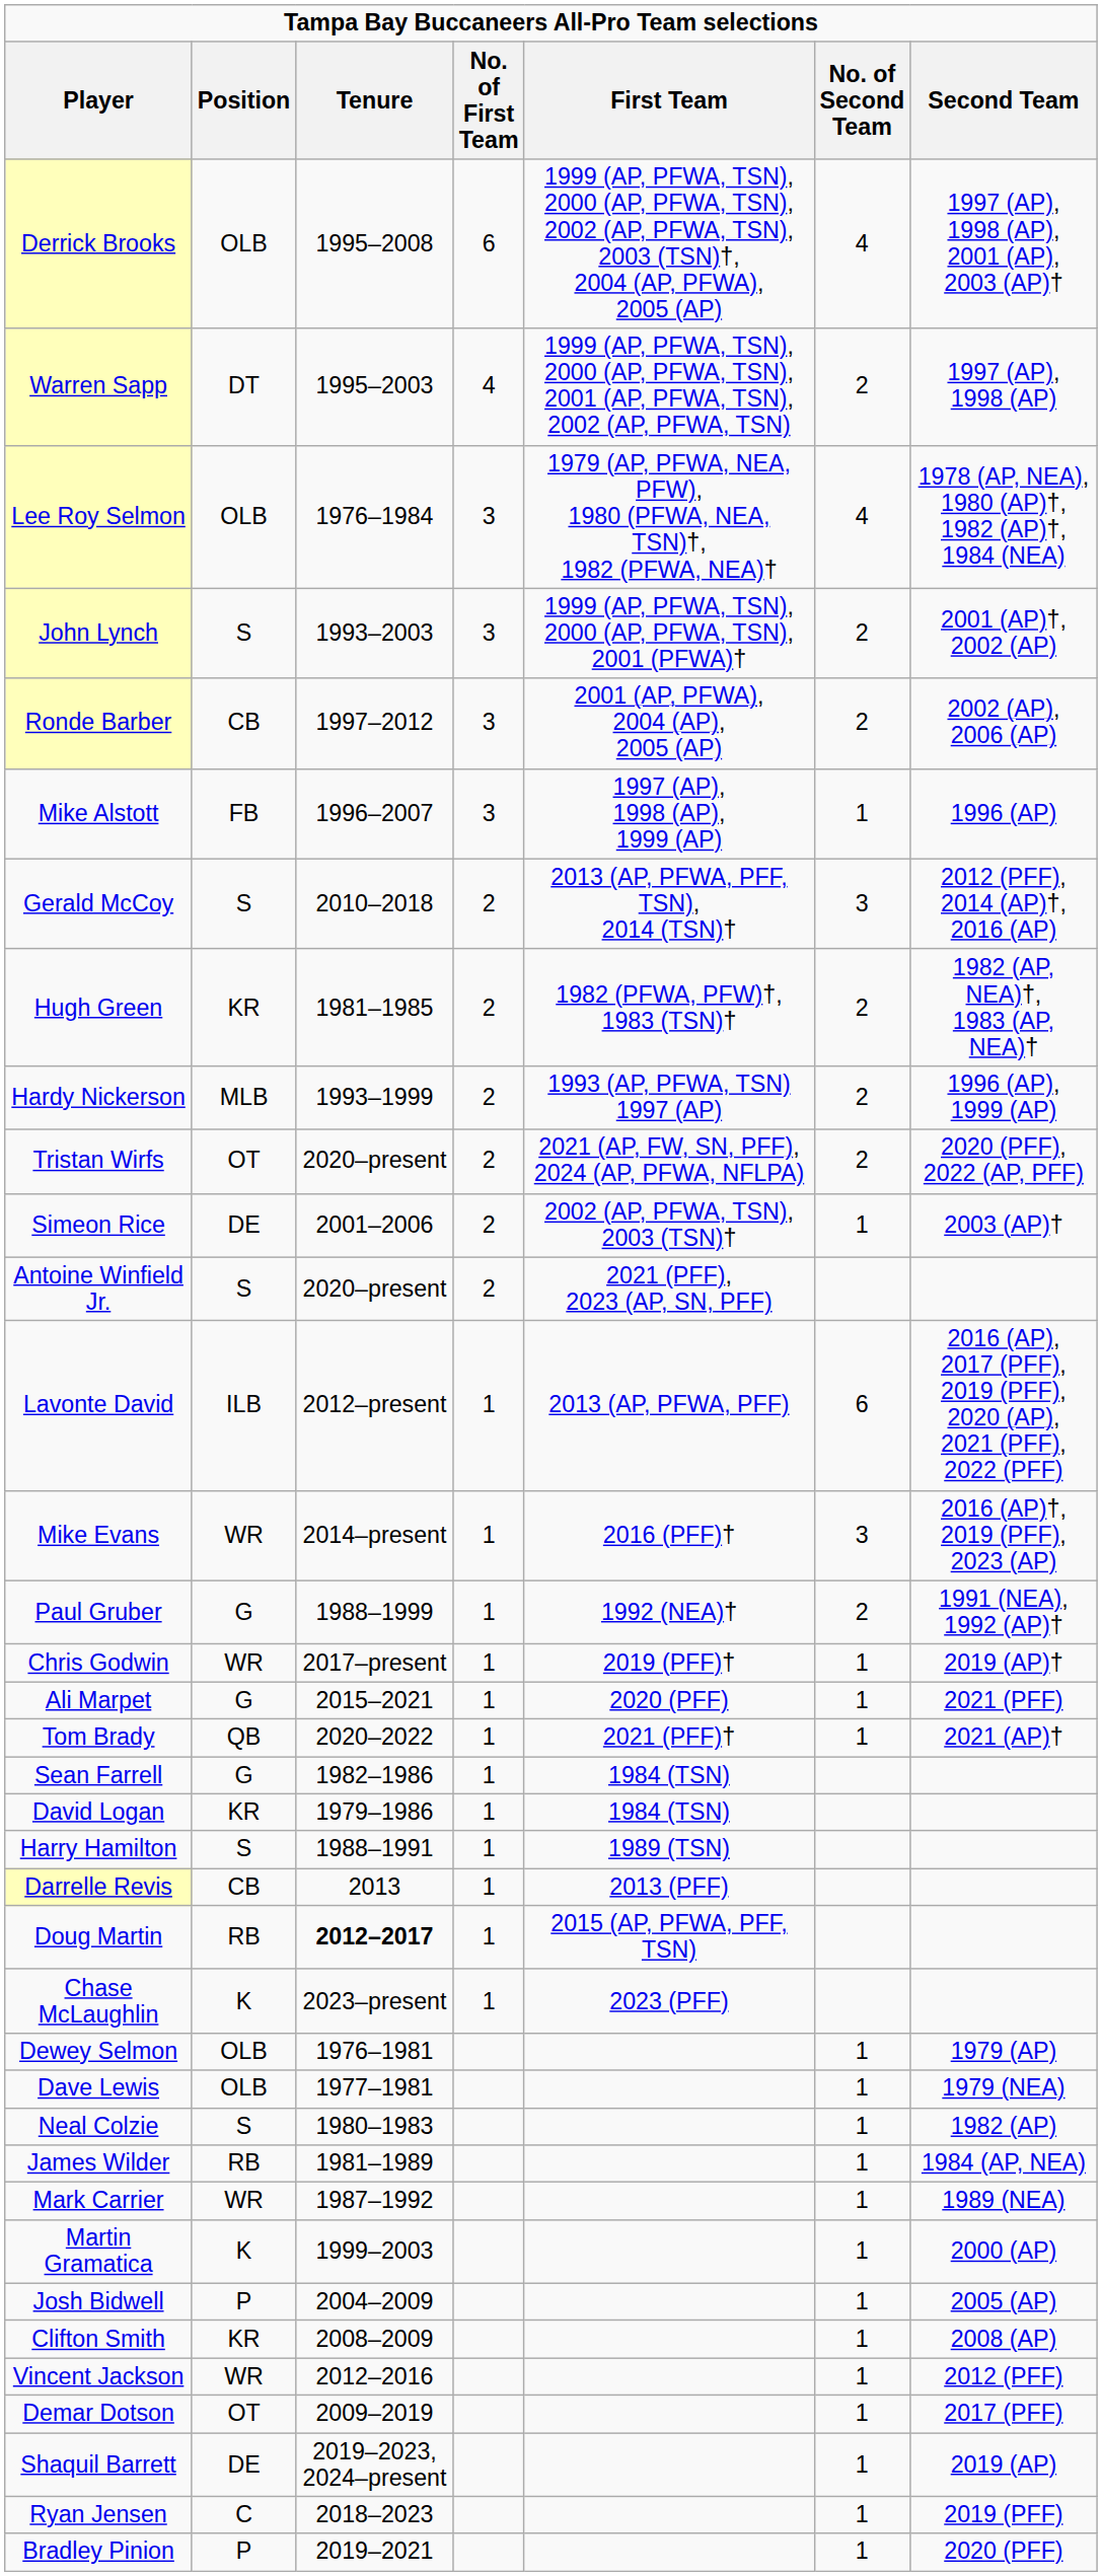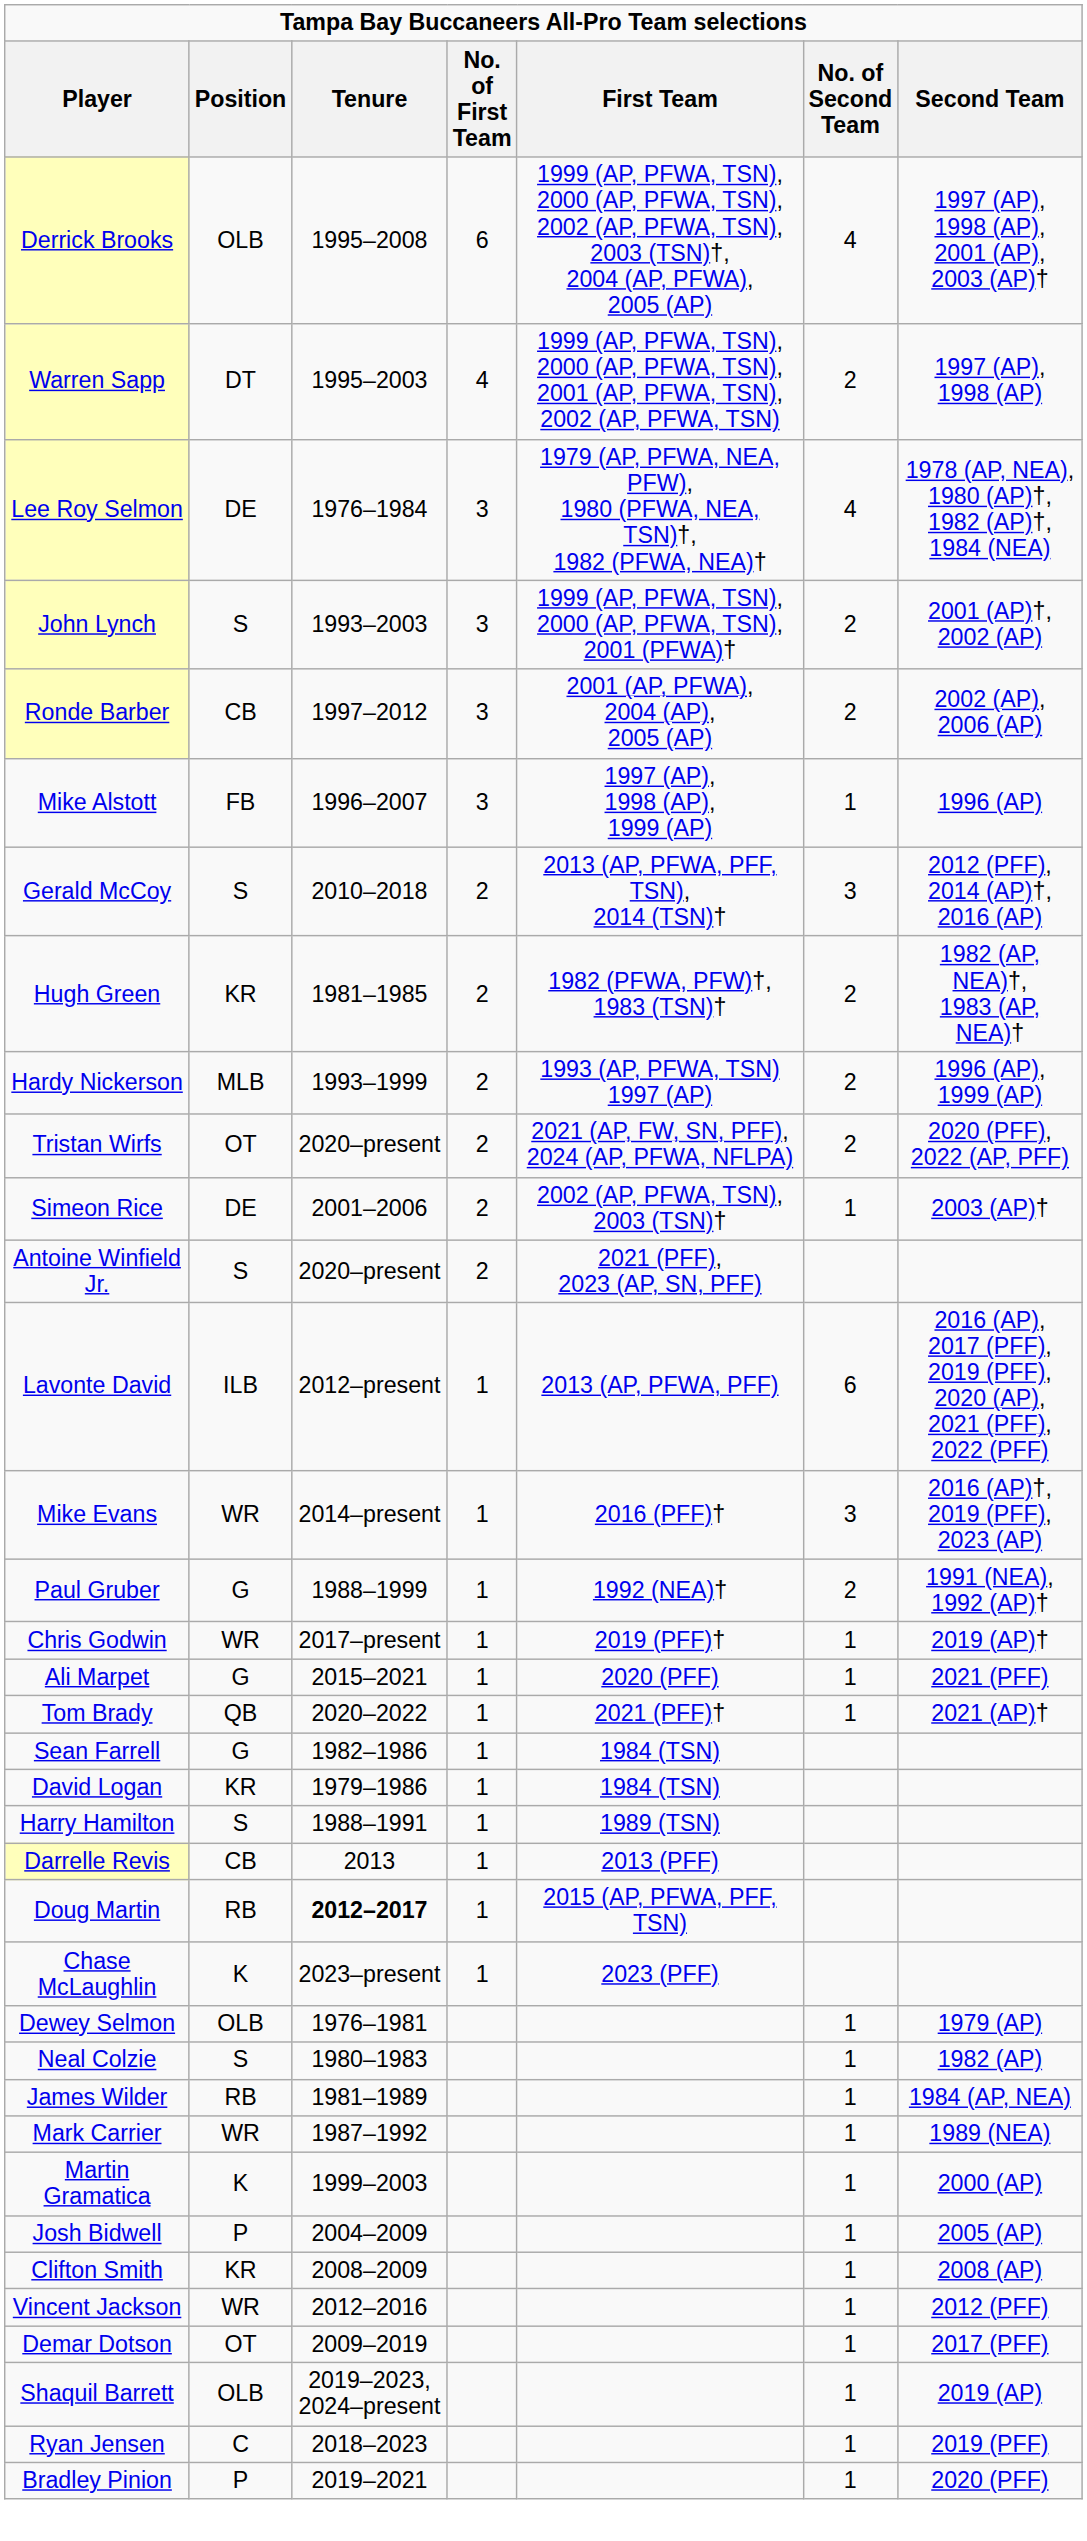 <table class="wikitable sortable" style="text-align:center">
 <tr>
 <td colspan="7"><strong>Tampa Bay Buccaneers All-Pro Team selections</strong></td>
 </tr>
 <tr>
 <th style="width:120px; ">Player</th>
 <th style="width:40px; ">Position</th>
 <th style="width:100px; ">Tenure</th>
 <th style="width:40px; ">No. of First Team</th>
 <th style="width:190px; ">First Team</th>
 <th style="width:40px; ">No. of Second Team</th>
 <th style="width:120px; ">Second Team</th>
 </tr>
 <tr>
 <td style="background:#ffb"><a href='#'>Derrick Brooks</a></td>
 <td>OLB</td>
 <td>1995–2008</td>
 <td>6</td>
 <td><a href='#'>1999 (AP, PFWA, TSN)</a>,<br><a href='#'>2000 (AP, PFWA, TSN)</a>,<br><a href='#'>2002 (AP, PFWA, TSN)</a>,<br><a href='#'>2003 (TSN)</a>†,<br><a href='#'>2004 (AP, PFWA)</a>,<br><a href='#'>2005 (AP)</a></td>
 <td>4</td>
 <td><a href='#'>1997 (AP)</a>,<br><a href='#'>1998 (AP)</a>,<br><a href='#'>2001 (AP)</a>,<br><a href='#'>2003 (AP)</a>†</td>
 </tr>
 <tr>
 <td style="background:#ffb"><a href='#'>Warren Sapp</a></td>
 <td>DT</td>
 <td>1995–2003</td>
 <td>4</td>
 <td><a href='#'>1999 (AP, PFWA, TSN)</a>,<br><a href='#'>2000 (AP, PFWA, TSN)</a>,<br><a href='#'>2001 (AP, PFWA, TSN)</a>,<br><a href='#'>2002 (AP, PFWA, TSN)</a></td>
 <td>2</td>
 <td><a href='#'>1997 (AP)</a>,<br><a href='#'>1998 (AP)</a></td>
 </tr>
 <tr>
 <td style="background:#ffb"><a href='#'>Lee Roy Selmon</a></td>
-<td>OLB</td>
+<td>DE</td>
 <td>1976–1984</td>
 <td>3</td>
 <td><a href='#'>1979 (AP, PFWA, NEA, PFW)</a>,<br><a href='#'>1980 (PFWA, NEA, TSN)</a>†,<br><a href='#'>1982 (PFWA, NEA)</a>†</td>
 <td>4</td>
 <td><a href='#'>1978 (AP, NEA)</a>,<br><a href='#'>1980 (AP)</a>†,<br><a href='#'>1982 (AP)</a>†,<br><a href='#'>1984 (NEA)</a></td>
 </tr>
 <tr>
 <td style="background:#ffb"><a href='#'>John Lynch</a></td>
 <td>S</td>
 <td>1993–2003</td>
 <td>3</td>
 <td><a href='#'>1999 (AP, PFWA, TSN)</a>,<br><a href='#'>2000 (AP, PFWA, TSN)</a>,<br><a href='#'>2001 (PFWA)</a>†</td>
 <td>2</td>
 <td><a href='#'>2001 (AP)</a>†,<br><a href='#'>2002 (AP)</a></td>
 </tr>
 <tr>
 <td style="background:#ffb"><a href='#'>Ronde Barber</a></td>
 <td>CB</td>
 <td>1997–2012</td>
 <td>3</td>
 <td><a href='#'>2001 (AP, PFWA)</a>,<br><a href='#'>2004 (AP)</a>,<br><a href='#'>2005 (AP)</a></td>
 <td>2</td>
 <td><a href='#'>2002 (AP)</a>,<br><a href='#'>2006 (AP)</a></td>
 </tr>
 <tr>
 <td><a href='#'>Mike Alstott</a></td>
 <td>FB</td>
 <td>1996–2007</td>
 <td>3</td>
 <td><a href='#'>1997 (AP)</a>,<br><a href='#'>1998 (AP)</a>,<br><a href='#'>1999 (AP)</a></td>
 <td>1</td>
 <td><a href='#'>1996 (AP)</a></td>
 </tr>
 <tr>
 <td><a href='#'>Gerald McCoy</a></td>
 <td>S</td>
 <td>2010–2018</td>
 <td>2</td>
 <td><a href='#'>2013 (AP, PFWA, PFF, TSN)</a>,<br><a href='#'>2014 (TSN)</a>†</td>
 <td>3</td>
 <td><a href='#'>2012 (PFF)</a>,<br> <a href='#'>2014 (AP)</a>†,<br><a href='#'>2016 (AP)</a></td>
 </tr>
 <tr>
 <td><a href='#'>Hugh Green</a></td>
 <td>KR</td>
 <td>1981–1985</td>
 <td>2</td>
 <td><a href='#'>1982 (PFWA, PFW)</a>†,<br><a href='#'>1983 (TSN)</a>†</td>
 <td>2</td>
 <td><a href='#'>1982 (AP, NEA)</a>†,<br> <a href='#'>1983 (AP, NEA)</a>†</td>
 </tr>
 <tr>
 <td><a href='#'>Hardy Nickerson</a></td>
 <td>MLB</td>
 <td>1993–1999</td>
 <td>2</td>
 <td><a href='#'>1993 (AP, PFWA, TSN)</a><br><a href='#'>1997 (AP)</a></td>
 <td>2</td>
 <td><a href='#'>1996 (AP)</a>,<br><a href='#'>1999 (AP)</a></td>
 </tr>
 <tr>
 <td><a href='#'>Tristan Wirfs</a></td>
 <td>OT</td>
 <td>2020–present</td>
 <td>2</td>
 <td><a href='#'>2021 (AP, FW, SN, PFF)</a>, <a href='#'>2024 (AP, PFWA, NFLPA)</a></td>
 <td>2</td>
 <td><a href='#'>2020 (PFF)</a>,<br><a href='#'>2022 (AP, PFF)</a></td>
 </tr>
 <tr>
 <td><a href='#'>Simeon Rice</a></td>
 <td>DE</td>
 <td>2001–2006</td>
 <td>2</td>
 <td><a href='#'>2002 (AP, PFWA, TSN)</a>,<br><a href='#'>2003 (TSN)</a>†</td>
 <td>1</td>
 <td><a href='#'>2003 (AP)</a>†</td>
 </tr>
 <tr>
 <td><a href='#'>Antoine Winfield Jr.</a></td>
 <td>S</td>
 <td>2020–present</td>
 <td>2</td>
 <td><a href='#'>2021 (PFF)</a>,<br><a href='#'>2023 (AP, SN, PFF)</a></td>
 <td></td>
 <td></td>
 </tr>
 <tr>
 <td><a href='#'>Lavonte David</a></td>
 <td>ILB</td>
 <td>2012–present</td>
 <td>1</td>
 <td><a href='#'>2013 (AP, PFWA, PFF)</a></td>
 <td>6</td>
 <td><a href='#'>2016 (AP)</a>,<br><a href='#'>2017 (PFF)</a>,<br><a href='#'>2019 (PFF)</a>,<br><a href='#'>2020 (AP)</a>,<br><a href='#'>2021 (PFF)</a>,<br><a href='#'>2022 (PFF)</a></td>
 </tr>
 <tr>
 <td><a href='#'>Mike Evans</a></td>
 <td>WR</td>
 <td>2014–present</td>
 <td>1</td>
 <td><a href='#'>2016 (PFF)</a>†</td>
 <td>3</td>
 <td><a href='#'>2016 (AP)</a>†,<br><a href='#'>2019 (PFF)</a>,<br><a href='#'>2023 (AP)</a></td>
 </tr>
 <tr>
 <td><a href='#'>Paul Gruber</a></td>
 <td>G</td>
 <td>1988–1999</td>
 <td>1</td>
 <td><a href='#'>1992 (NEA)</a>†</td>
 <td>2</td>
 <td><a href='#'>1991 (NEA)</a>,<br><a href='#'>1992 (AP)</a>†</td>
 </tr>
 <tr>
 <td><a href='#'>Chris Godwin</a></td>
 <td>WR</td>
 <td>2017–present</td>
 <td>1</td>
 <td><a href='#'>2019 (PFF)</a>†</td>
 <td>1</td>
 <td><a href='#'>2019 (AP)</a>†</td>
 </tr>
 <tr>
 <td><a href='#'>Ali Marpet</a></td>
 <td>G</td>
 <td>2015–2021</td>
 <td>1</td>
 <td><a href='#'>2020 (PFF)</a></td>
 <td>1</td>
 <td><a href='#'>2021 (PFF)</a></td>
 </tr>
 <tr>
 <td><a href='#'>Tom Brady</a></td>
 <td>QB</td>
 <td>2020–2022</td>
 <td>1</td>
 <td><a href='#'>2021 (PFF)</a>†</td>
 <td>1</td>
 <td><a href='#'>2021 (AP)</a>†</td>
 </tr>
 <tr>
 <td><a href='#'>Sean Farrell</a></td>
 <td>G</td>
 <td>1982–1986</td>
 <td>1</td>
 <td><a href='#'>1984 (TSN)</a></td>
 <td></td>
 <td></td>
 </tr>
 <tr>
 <td><a href='#'>David Logan</a></td>
 <td>KR</td>
 <td>1979–1986</td>
 <td>1</td>
 <td><a href='#'>1984 (TSN)</a></td>
 <td></td>
 <td></td>
 </tr>
 <tr>
 <td><a href='#'>Harry Hamilton</a></td>
 <td>S</td>
 <td>1988–1991</td>
 <td>1</td>
 <td><a href='#'>1989 (TSN)</a></td>
 <td></td>
 <td></td>
 </tr>
 <tr>
 <td style="background:#ffb"><a href='#'>Darrelle Revis</a></td>
 <td>CB</td>
 <td>2013</td>
 <td>1</td>
 <td><a href='#'>2013 (PFF)</a></td>
 <td></td>
 <td></td>
 </tr>
 <tr>
 <td><a href='#'>Doug Martin</a></td>
 <td>RB</td>
 <td><strong>2012–2017</strong></td>
 <td>1</td>
 <td><a href='#'>2015 (AP, PFWA, PFF, TSN)</a></td>
 <td></td>
 <td></td>
 </tr>
 <tr>
 <td><a href='#'>Chase McLaughlin</a></td>
 <td>K</td>
 <td>2023–present</td>
 <td>1</td>
 <td><a href='#'>2023 (PFF)</a></td>
 <td></td>
 <td></td>
 </tr>
 <tr>
 <td><a href='#'>Dewey Selmon</a></td>
 <td>OLB</td>
 <td>1976–1981</td>
 <td></td>
 <td></td>
 <td>1</td>
 <td><a href='#'>1979 (AP)</a></td>
 </tr>
 <tr>
-<td><a href='#'>Dave Lewis</a></td>
-<td>OLB</td>
-<td>1977–1981</td>
-<td></td>
-<td></td>
-<td>1</td>
-<td><a href='#'>1979 (NEA)</a></td>
-</tr>
-<tr>
 <td><a href='#'>Neal Colzie</a></td>
 <td>S</td>
 <td>1980–1983</td>
 <td></td>
 <td></td>
 <td>1</td>
 <td><a href='#'>1982 (AP)</a></td>
 </tr>
 <tr>
 <td><a href='#'>James Wilder</a></td>
 <td>RB</td>
 <td>1981–1989</td>
 <td></td>
 <td></td>
 <td>1</td>
 <td><a href='#'>1984 (AP, NEA)</a></td>
 </tr>
 <tr>
 <td><a href='#'>Mark Carrier</a></td>
 <td>WR</td>
 <td>1987–1992</td>
 <td></td>
 <td></td>
 <td>1</td>
 <td><a href='#'>1989 (NEA)</a></td>
 </tr>
 <tr>
 <td><a href='#'>Martin Gramatica</a></td>
 <td>K</td>
 <td>1999–2003</td>
 <td></td>
 <td></td>
 <td>1</td>
 <td><a href='#'>2000 (AP)</a></td>
 </tr>
 <tr>
 <td><a href='#'>Josh Bidwell</a></td>
 <td>P</td>
 <td>2004–2009</td>
 <td></td>
 <td></td>
 <td>1</td>
 <td><a href='#'>2005 (AP)</a></td>
 </tr>
 <tr>
 <td><a href='#'>Clifton Smith</a></td>
 <td>KR</td>
 <td>2008–2009</td>
 <td></td>
 <td></td>
 <td>1</td>
 <td><a href='#'>2008 (AP)</a></td>
 </tr>
 <tr>
 <td><a href='#'>Vincent Jackson</a></td>
 <td>WR</td>
 <td>2012–2016</td>
 <td></td>
 <td></td>
 <td>1</td>
 <td><a href='#'>2012 (PFF)</a></td>
 </tr>
 <tr>
 <td><a href='#'>Demar Dotson</a></td>
 <td>OT</td>
 <td>2009–2019</td>
 <td></td>
 <td></td>
 <td>1</td>
 <td><a href='#'>2017 (PFF)</a></td>
 </tr>
 <tr>
 <td><a href='#'>Shaquil Barrett</a></td>
-<td>DE</td>
+<td>OLB</td>
 <td>2019–2023,<br>2024–present</td>
 <td></td>
 <td></td>
 <td>1</td>
 <td><a href='#'>2019 (AP)</a></td>
 </tr>
 <tr>
 <td><a href='#'>Ryan Jensen</a></td>
 <td>C</td>
 <td>2018–2023</td>
 <td></td>
 <td></td>
 <td>1</td>
 <td><a href='#'>2019 (PFF)</a></td>
 </tr>
 <tr>
 <td><a href='#'>Bradley Pinion</a></td>
 <td>P</td>
 <td>2019–2021</td>
 <td></td>
 <td></td>
 <td>1</td>
 <td><a href='#'>2020 (PFF)</a></td>
 </tr>
 </table>
